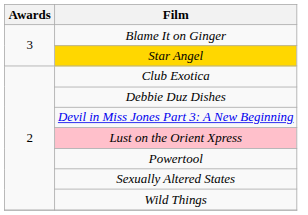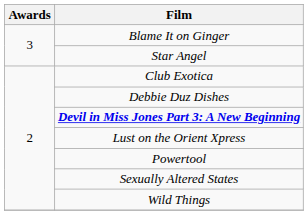 <table class="wikitable sortable" style="text-align: center">
 <tr>
 <th scope="col" width="55">Awards</th>
 <th scope="col" align="center">Film</th>
 </tr>
 <tr>
 <td rowspan=2 style="text-align:center">3</td>
 <td><em>Blame It on Ginger</em></td>
 </tr>
 <tr>
-<td style="background: gold;"><em>Star Angel</em></td>
+<td><em>Star Angel</em></td>
 </tr>
 <tr>
 <td rowspan=7 style="text-align:center">2</td>
 <td><em>Club Exotica</em></td>
 </tr>
 <tr>
 <td><em>Debbie Duz Dishes</em></td>
 </tr>
 <tr>
-<td><em><a href='#'>Devil in Miss Jones Part 3: A New Beginning</a></em></td>
+<td><strong><em><a href='#'>Devil in Miss Jones Part 3: A New Beginning</a></em></strong></td>
 </tr>
 <tr>
-<td style="background: pink;"><em>Lust on the Orient Xpress</em></td>
+<td><em>Lust on the Orient Xpress</em></td>
 </tr>
 <tr>
 <td><em>Powertool</em></td>
 </tr>
 <tr>
 <td><em>Sexually Altered States</em></td>
 </tr>
 <tr>
 <td><em>Wild Things</em></td>
 </tr>
 <tr>
 </tr>
 </table>
